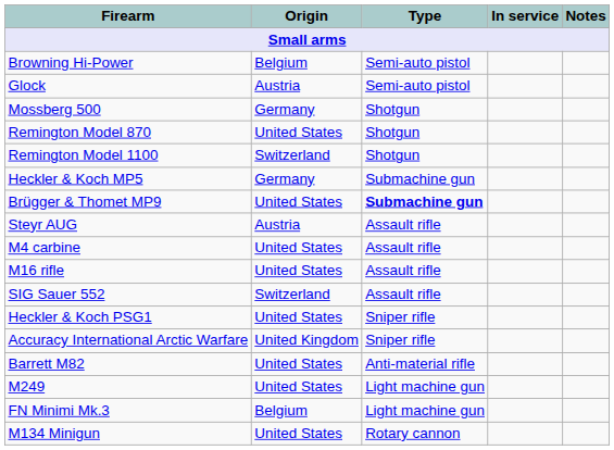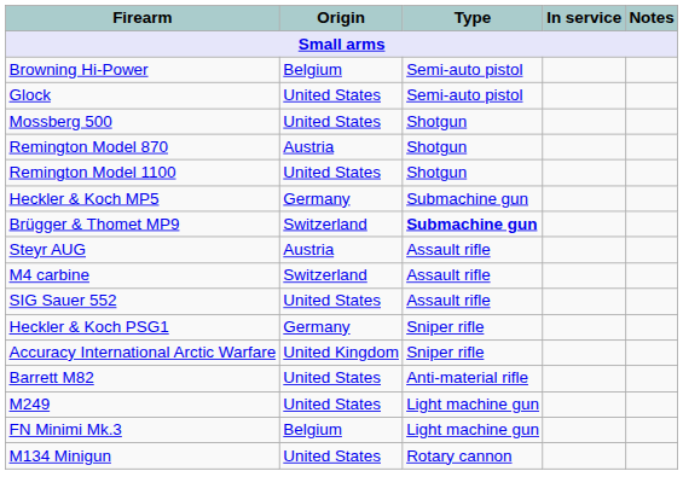 <table class="wikitable">
 <tr>
 <th style="text-align:center; background:#acc;">Firearm</th>
 <th style="text-align: center; background:#acc;">Origin</th>
 <th style="text-align:l center; background:#acc;">Type</th>
 <th style="text-align:l center; background:#acc;">In service</th>
 <th style="text-align: center; background:#acc;">Notes</th>
 </tr>
 <tr>
 <th colspan="5" style="align: center; background: lavender;"><a href='#'>Small arms</a></th>
 </tr>
 <tr>
 <td><a href='#'>Browning Hi-Power</a></td>
 <td><a href='#'>Belgium</a></td>
 <td><a href='#'>Semi-auto pistol</a></td>
 <td></td>
 <td></td>
 </tr>
 <tr>
 <td><a href='#'>Glock</a></td>
-<td><a href='#'>Austria</a></td>
+<td><a href='#'>United States</a></td>
 <td><a href='#'>Semi-auto pistol</a></td>
 <td></td>
 <td></td>
 </tr>
 <tr>
 <td><a href='#'>Mossberg 500</a></td>
-<td><a href='#'>Germany</a></td>
+<td><a href='#'>United States</a></td>
 <td><a href='#'>Shotgun</a></td>
 <td></td>
 <td></td>
 </tr>
 <tr>
 <td><a href='#'>Remington Model 870</a></td>
-<td><a href='#'>United States</a></td>
+<td><a href='#'>Austria</a></td>
 <td><a href='#'>Shotgun</a></td>
 <td></td>
 <td></td>
 </tr>
 <tr>
 <td><a href='#'>Remington Model 1100</a></td>
-<td><a href='#'>Switzerland</a></td>
+<td><a href='#'>United States</a></td>
 <td><a href='#'>Shotgun</a></td>
 <td></td>
 <td></td>
 </tr>
 <tr>
 <td><a href='#'>Heckler & Koch MP5</a></td>
 <td><a href='#'>Germany</a></td>
 <td><a href='#'>Submachine gun</a></td>
 <td></td>
 <td></td>
 </tr>
 <tr>
 <td><a href='#'>Brügger & Thomet MP9</a></td>
-<td><a href='#'>United States</a></td>
+<td><a href='#'>Switzerland</a></td>
 <td><strong><a href='#'>Submachine gun</a></strong></td>
 <td></td>
 <td></td>
 </tr>
 <tr>
 <td><a href='#'>Steyr AUG</a></td>
 <td><a href='#'>Austria</a></td>
 <td><a href='#'>Assault rifle</a></td>
 <td></td>
 <td></td>
 </tr>
 <tr>
 <td><a href='#'>M4 carbine</a></td>
+<td><a href='#'>Switzerland</a></td>
+<td><a href='#'>Assault rifle</a></td>
+<td></td>
+<td></td>
+</tr>
+<tr>
+<td><a href='#'>SIG Sauer 552</a></td>
 <td><a href='#'>United States</a></td>
 <td><a href='#'>Assault rifle</a></td>
 <td></td>
 <td></td>
 </tr>
 <tr>
-<td><a href='#'>M16 rifle</a></td>
-<td><a href='#'>United States</a></td>
-<td><a href='#'>Assault rifle</a></td>
-<td></td>
-<td></td>
-</tr>
-<tr>
-<td><a href='#'>SIG Sauer 552</a></td>
-<td><a href='#'>Switzerland</a></td>
-<td><a href='#'>Assault rifle</a></td>
-<td></td>
-<td></td>
-</tr>
-<tr>
 <td><a href='#'>Heckler & Koch PSG1</a></td>
-<td><a href='#'>United States</a></td>
+<td><a href='#'>Germany</a></td>
 <td><a href='#'>Sniper rifle</a></td>
 <td></td>
 <td></td>
 </tr>
 <tr>
 <td><a href='#'>Accuracy International Arctic Warfare</a></td>
 <td><a href='#'>United Kingdom</a></td>
 <td><a href='#'>Sniper rifle</a></td>
 <td></td>
 <td></td>
 </tr>
 <tr>
 <td><a href='#'>Barrett M82</a></td>
 <td><a href='#'>United States</a></td>
 <td><a href='#'>Anti-material rifle</a></td>
 <td></td>
 <td></td>
 </tr>
 <tr>
 <td><a href='#'>M249</a></td>
 <td><a href='#'>United States</a></td>
 <td><a href='#'>Light machine gun</a></td>
 <td></td>
 <td></td>
 </tr>
 <tr>
 <td><a href='#'>FN Minimi Mk.3</a></td>
 <td><a href='#'>Belgium</a></td>
 <td><a href='#'>Light machine gun</a></td>
 <td></td>
 <td></td>
 </tr>
 <tr>
 <td><a href='#'>M134 Minigun</a></td>
 <td><a href='#'>United States</a></td>
 <td><a href='#'>Rotary cannon</a></td>
 <td></td>
 <td></td>
 </tr>
 </table>
